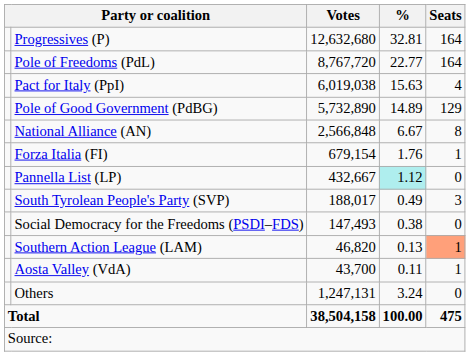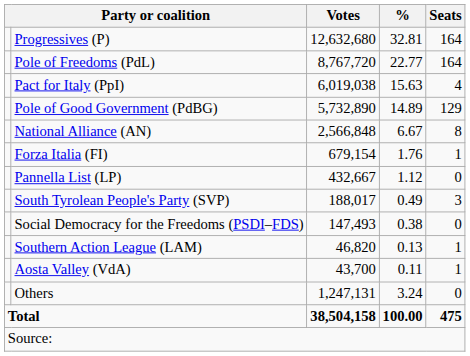 <table class=wikitable style="text-align:right">
 <tr>
 <th colspan=2>Party or coalition</th>
 <th>Votes</th>
 <th>%</th>
 <th>Seats</th>
 </tr>
 <tr>
 <td></td>
 <td align="left"><a href='#'>Progressives</a> (P)</td>
 <td align="right">12,632,680</td>
 <td align="right">32.81</td>
 <td align="right">164</td>
 </tr>
 <tr>
 <td></td>
 <td align="left"><a href='#'>Pole of Freedoms</a> (PdL)</td>
 <td align="right">8,767,720</td>
 <td align="right">22.77</td>
 <td align="right">164</td>
 </tr>
 <tr>
 <td></td>
 <td align="left"><a href='#'>Pact for Italy</a> (PpI)</td>
 <td align="right">6,019,038</td>
 <td align="right">15.63</td>
 <td align="right">4</td>
 </tr>
 <tr>
 <td></td>
 <td align="left"><a href='#'>Pole of Good Government</a> (PdBG)</td>
 <td align="right">5,732,890</td>
 <td align="right">14.89</td>
 <td align="right">129</td>
 </tr>
 <tr>
 <td></td>
 <td align="left"><a href='#'>National Alliance</a> (AN)</td>
 <td align="right">2,566,848</td>
 <td align="right">6.67</td>
 <td align="right">8</td>
 </tr>
 <tr>
 <td></td>
 <td align="left"><a href='#'>Forza Italia</a> (FI)</td>
 <td align="right">679,154</td>
 <td align="right">1.76</td>
 <td align="right">1</td>
 </tr>
 <tr>
 <td></td>
 <td align="left"><a href='#'>Pannella List</a> (LP)</td>
 <td align="right">432,667</td>
-<td align="right" style="background: paleturquoise;">1.12</td>
+<td align="right">1.12</td>
 <td align="right">0</td>
 </tr>
 <tr>
 <td></td>
 <td align="left"><a href='#'>South Tyrolean People's Party</a> (SVP)</td>
 <td align="right">188,017</td>
 <td align="right">0.49</td>
 <td align="right">3</td>
 </tr>
 <tr>
 <td></td>
 <td align="left">Social Democracy for the Freedoms (<a href='#'>PSDI</a>–<a href='#'>FDS</a>)</td>
 <td align="right">147,493</td>
 <td align="right">0.38</td>
 <td align="right">0</td>
 </tr>
 <tr>
 <td></td>
 <td align="left"><a href='#'>Southern Action League</a> (LAM)</td>
 <td align="right">46,820</td>
 <td align="right">0.13</td>
-<td align="right" style="background: lightsalmon;">1</td>
+<td align="right">1</td>
 </tr>
 <tr>
 <td></td>
 <td align="left"><a href='#'>Aosta Valley</a> (VdA)</td>
 <td align="right">43,700</td>
 <td align="right">0.11</td>
 <td align="right">1</td>
 </tr>
 <tr>
 <td></td>
 <td align="left">Others</td>
 <td align="right">1,247,131</td>
 <td align="right">3.24</td>
 <td align="right">0</td>
 </tr>
 <tr>
 <td align="left" colspan=2><strong>Total</strong></td>
 <td align="right"><strong>38,504,158</strong></td>
 <td align="right"><strong>100.00</strong></td>
 <td align="right"><strong>475</strong></td>
 </tr>
 <tr>
 <td colspan=6 align="left">Source: </td>
 </tr>
 </table>
